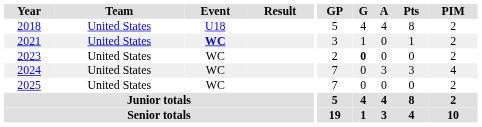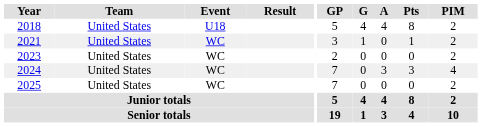 <table border="0" cellpadding="1" cellspacing="0" ID="Table3" style="text-align:center; width:40em">
 <tr ALIGN="center" bgcolor="#e0e0e0">
 <th>Year</th>
 <th>Team</th>
 <th>Event</th>
 <th>Result</th>
 <th rowspan="99" bgcolor="#ffffff"></th>
 <th>GP</th>
 <th>G</th>
 <th>A</th>
 <th>Pts</th>
 <th>PIM</th>
 </tr>
 <tr>
 <td><a href='#'>2018</a></td>
 <td><a href='#'>United States</a></td>
 <td><a href='#'>U18</a></td>
 <td></td>
 <td>5</td>
 <td>4</td>
 <td>4</td>
 <td>8</td>
 <td>2</td>
 </tr>
 <tr bgcolor="#f0f0f0">
 <td><a href='#'>2021</a></td>
 <td><a href='#'>United States</a></td>
-<td><strong><a href='#'>WC</a></strong></td>
+<td><a href='#'>WC</a></td>
 <td></td>
 <td>3</td>
 <td>1</td>
 <td>0</td>
 <td>1</td>
 <td>2</td>
 </tr>
 <tr>
 <td><a href='#'>2023</a></td>
 <td>United States</td>
 <td>WC</td>
 <td></td>
 <td>2</td>
-<td><strong>0</strong></td>
+<td>0</td>
 <td>0</td>
 <td>0</td>
 <td>2</td>
 </tr>
 <tr bgcolor="#f0f0f0">
 <td><a href='#'>2024</a></td>
 <td>United States</td>
 <td>WC</td>
 <td></td>
 <td>7</td>
 <td>0</td>
 <td>3</td>
 <td>3</td>
 <td>4</td>
 </tr>
 <tr>
 <td><a href='#'>2025</a></td>
 <td>United States</td>
 <td>WC</td>
 <td></td>
 <td>7</td>
 <td>0</td>
 <td>0</td>
 <td>0</td>
 <td>2</td>
 </tr>
 <tr bgcolor="#e0e0e0">
 <th colspan="4">Junior totals</th>
 <th>5</th>
 <th>4</th>
 <th>4</th>
 <th>8</th>
 <th>2</th>
 </tr>
 <tr bgcolor="#e0e0e0">
 <th colspan="4">Senior totals</th>
 <th>19</th>
 <th>1</th>
 <th>3</th>
 <th>4</th>
 <th>10</th>
 </tr>
 </table>
